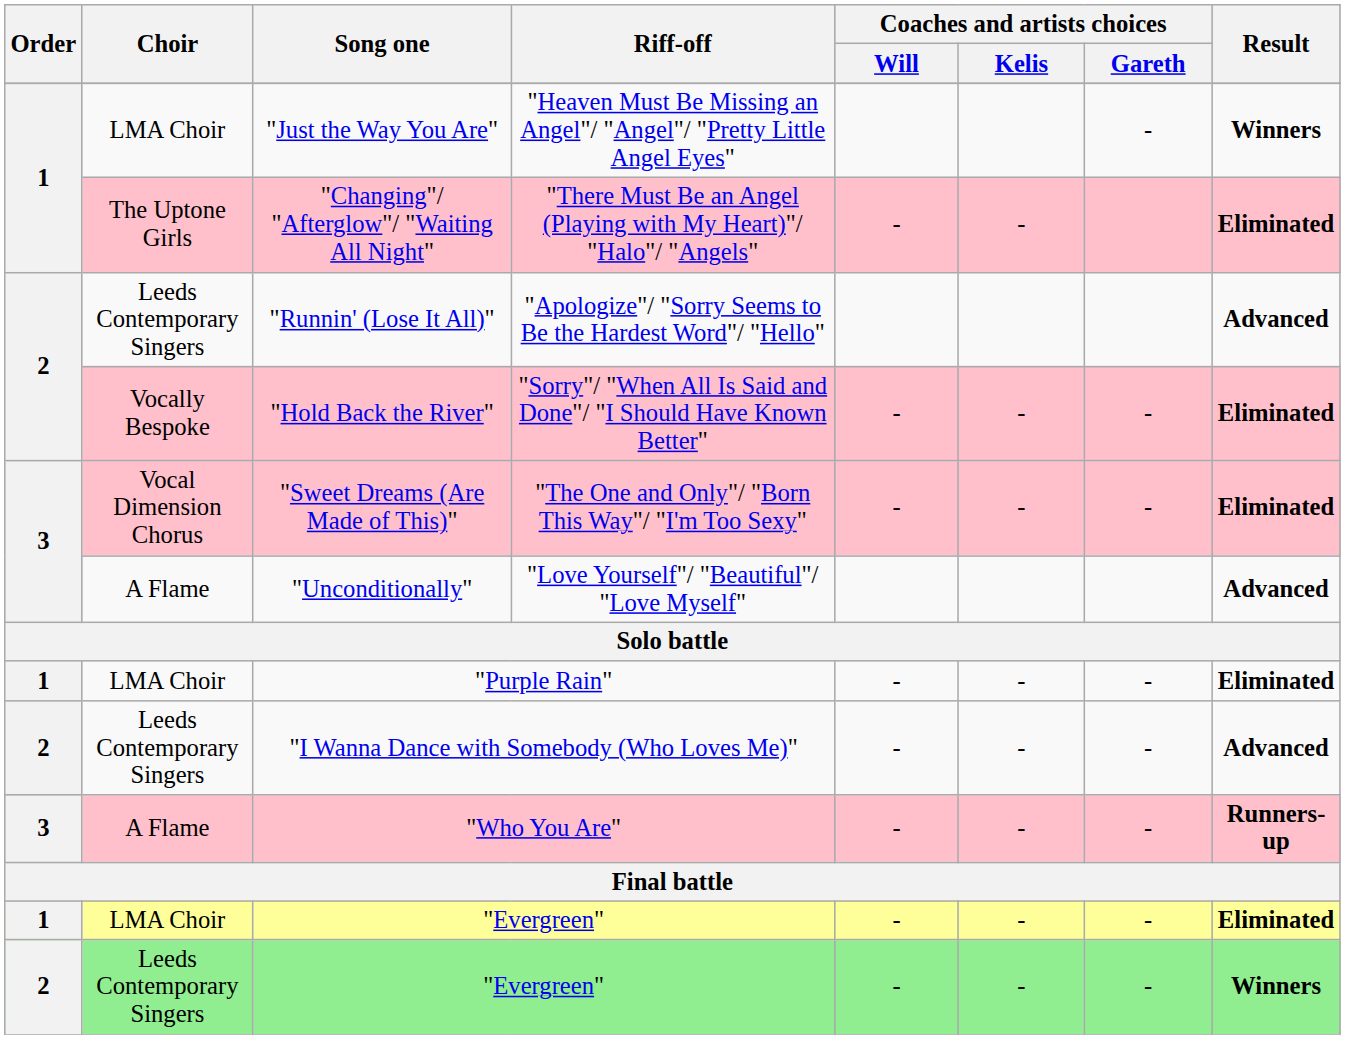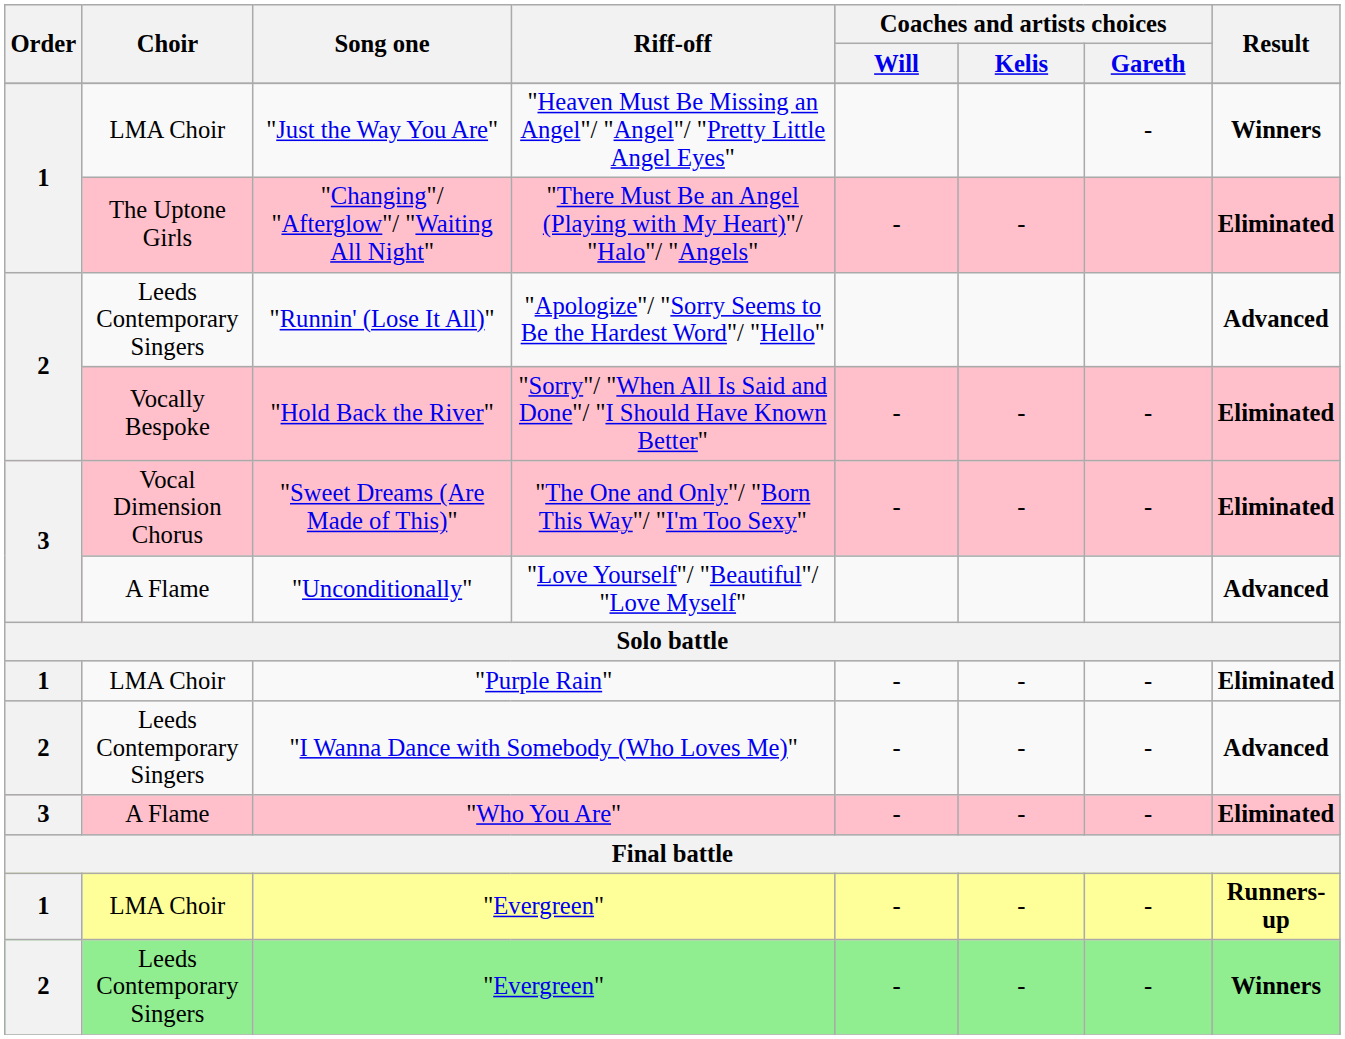 <table class="wikitable plainrowheaders" style="text-align:center;">
 <tr>
 <th scope="col" rowspan="2" style="width:05%;">Order</th>
 <th scope="col" rowspan="2" style="width:13%;">Choir</th>
 <th scope="col" rowspan="2" style="width:20%;">Song one</th>
 <th scope="col" rowspan="2" style="width:26%;">Riff-off</th>
 <th colspan="3" style="width:40%;">Coaches and artists choices</th>
 <th scope="col" rowspan="2" style="width:05%;">Result</th>
 </tr>
 <tr>
 <th style="width:10%;"><a href='#'>Will</a></th>
 <th style="width:10%;"><a href='#'>Kelis</a></th>
 <th style="width:10%;"><a href='#'>Gareth</a></th>
 </tr>
 <tr>
 </tr>
 <tr>
 <th rowspan="2" scope="row">1</th>
 <td>LMA Choir</td>
 <td>"<a href='#'>Just the Way You Are</a>"</td>
 <td>"<a href='#'>Heaven Must Be Missing an Angel</a>"/ "<a href='#'>Angel</a>"/ "<a href='#'>Pretty Little Angel Eyes</a>"</td>
 <td><strong></strong></td>
 <td><strong></strong></td>
 <td>-</td>
 <td><strong>Winners</strong></td>
 </tr>
 <tr style="background:pink;">
 <td>The Uptone Girls</td>
 <td>"<a href='#'>Changing</a>"/ "<a href='#'>Afterglow</a>"/ "<a href='#'>Waiting All Night</a>"</td>
 <td>"<a href='#'>There Must Be an Angel (Playing with My Heart)</a>"/ "<a href='#'>Halo</a>"/ "<a href='#'>Angels</a>"</td>
 <td>-</td>
 <td>-</td>
 <td><strong></strong></td>
 <td><strong>Eliminated</strong></td>
 </tr>
 <tr>
 <th rowspan="2" scope="row">2</th>
 <td>Leeds Contemporary Singers</td>
 <td>"<a href='#'>Runnin' (Lose It All)</a>"</td>
 <td>"<a href='#'>Apologize</a>"/ "<a href='#'>Sorry Seems to Be the Hardest Word</a>"/ "<a href='#'>Hello</a>"</td>
 <td><strong></strong></td>
 <td><strong></strong></td>
 <td><strong></strong></td>
 <td><strong>Advanced</strong></td>
 </tr>
 <tr style="background:pink;">
 <td>Vocally Bespoke</td>
 <td>"<a href='#'>Hold Back the River</a>"</td>
 <td>"<a href='#'>Sorry</a>"/ "<a href='#'>When All Is Said and Done</a>"/ "<a href='#'>I Should Have Known Better</a>"</td>
 <td>-</td>
 <td>-</td>
 <td>-</td>
 <td><strong>Eliminated</strong></td>
 </tr>
 <tr style="background:pink;">
 <th rowspan="2" scope="row">3</th>
 <td>Vocal Dimension Chorus</td>
 <td>"<a href='#'>Sweet Dreams (Are Made of This)</a>"</td>
 <td>"<a href='#'>The One and Only</a>"/ "<a href='#'>Born This Way</a>"/ "<a href='#'>I'm Too Sexy</a>"</td>
 <td>-</td>
 <td>-</td>
 <td>-</td>
 <td><strong>Eliminated</strong></td>
 </tr>
 <tr>
 <td>A Flame</td>
 <td>"<a href='#'>Unconditionally</a>"</td>
 <td>"<a href='#'>Love Yourself</a>"/ "<a href='#'>Beautiful</a>"/ "<a href='#'>Love Myself</a>"</td>
 <td><strong></strong></td>
 <td><strong></strong></td>
 <td><strong></strong></td>
 <td><strong>Advanced</strong></td>
 </tr>
 <tr>
 <th colspan="8">Solo battle</th>
 </tr>
 <tr>
 <th scope="row">1</th>
 <td>LMA Choir</td>
 <td colspan="2">"<a href='#'>Purple Rain</a>"</td>
 <td>-</td>
 <td>-</td>
 <td>-</td>
 <td><strong>Eliminated</strong></td>
 </tr>
 <tr>
 <th scope="row">2</th>
 <td>Leeds Contemporary Singers</td>
 <td colspan="2">"<a href='#'>I Wanna Dance with Somebody (Who Loves Me)</a>"</td>
 <td>-</td>
 <td>-</td>
 <td>-</td>
 <td><strong>Advanced</strong></td>
 </tr>
 <tr style="background:pink;">
 <th scope="row">3</th>
 <td>A Flame</td>
 <td colspan="2">"<a href='#'>Who You Are</a>"</td>
 <td>-</td>
 <td>-</td>
 <td>-</td>
-<td><strong>Runners-up</strong></td>
+<td><strong>Eliminated</strong></td>
 </tr>
 <tr>
 <th colspan="8">Final battle</th>
 </tr>
 <tr style="background:#ff9;">
 <th scope="row">1</th>
 <td>LMA Choir</td>
 <td colspan="2">"<a href='#'>Evergreen</a>"</td>
 <td>-</td>
 <td>-</td>
 <td>-</td>
-<td><strong>Eliminated</strong></td>
+<td><strong>Runners-up</strong></td>
 </tr>
 <tr style="background:lightgreen;">
 <th scope="row">2</th>
 <td>Leeds Contemporary Singers</td>
 <td colspan="2">"<a href='#'>Evergreen</a>"</td>
 <td>-</td>
 <td>-</td>
 <td>-</td>
 <td><strong>Winners</strong></td>
 </tr>
 </table>
